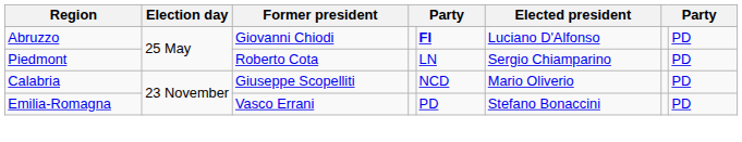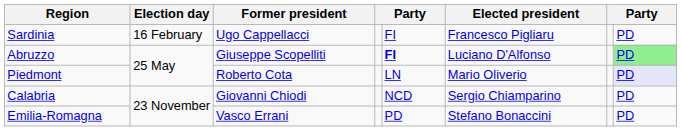 <table class="wikitable" style="valign:top;">
 <tr>
 <th style="width:150px;">Region</th>
 <th>Election day</th>
 <th style="width:195px;">Former president</th>
 <th colspan=2 style="width:80px;">Party</th>
 <th style="width:195px;">Elected president</th>
 <th colspan=2 style="width:80px;">Party</th>
 </tr>
 <tr>
+<td><a href='#'>Sardinia</a></td>
+<td>16 February</td>
+<td><a href='#'>Ugo Cappellacci</a></td>
+<td width="1"></td>
+<td align="left"><a href='#'>FI</a></td>
+<td><a href='#'>Francesco Pigliaru</a></td>
+<td width="1"></td>
+<td align="left"><a href='#'>PD</a></td>
+</tr>
+<tr>
 <td><a href='#'>Abruzzo</a></td>
 <td rowspan=2>25 May</td>
-<td><a href='#'>Giovanni Chiodi</a></td>
+<td><a href='#'>Giuseppe Scopelliti</a></td>
 <td width="1"></td>
 <td align="left"><strong><a href='#'>FI</a></strong></td>
 <td><a href='#'>Luciano D'Alfonso</a></td>
 <td width="1"></td>
-<td align="left"><a href='#'>PD</a></td>
+<td align="left" style="background: lightgreen;"><a href='#'>PD</a></td>
 </tr>
 <tr>
 <td><a href='#'>Piedmont</a></td>
 <td><a href='#'>Roberto Cota</a></td>
 <td width="1"></td>
 <td align="left"><a href='#'>LN</a></td>
-<td><a href='#'>Sergio Chiamparino</a></td>
+<td><a href='#'>Mario Oliverio</a></td>
 <td width="1"></td>
-<td align="left"><a href='#'>PD</a></td>
+<td align="left" style="background: lavender;"><a href='#'>PD</a></td>
 </tr>
 <tr>
 <td><a href='#'>Calabria</a></td>
 <td rowspan=2>23 November</td>
-<td><a href='#'>Giuseppe Scopelliti</a></td>
+<td><a href='#'>Giovanni Chiodi</a></td>
 <td width="1"></td>
 <td align="left"><a href='#'>NCD</a></td>
-<td><a href='#'>Mario Oliverio</a></td>
+<td><a href='#'>Sergio Chiamparino</a></td>
 <td width="1"></td>
 <td align="left"><a href='#'>PD</a></td>
 </tr>
 <tr>
 <td><a href='#'>Emilia-Romagna</a></td>
 <td><a href='#'>Vasco Errani</a></td>
 <td width="1"></td>
 <td align="left"><a href='#'>PD</a></td>
 <td><a href='#'>Stefano Bonaccini</a></td>
 <td width="1"></td>
 <td align="left"><a href='#'>PD</a></td>
 </tr>
 </table>
